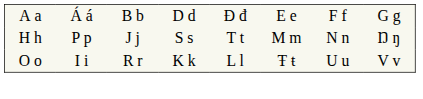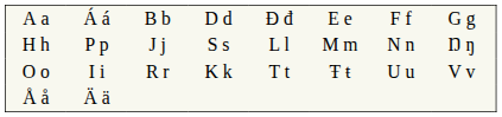 <table style="font-family:Arial Unicode MS; font-size:1.4em; border-color:#000000; border-width:1px; border-style:solid; border-collapse:collapse; background-color:#F8F8EF">
 <tr>
 <td style="width:3em; text-align:center; padding: 3px;">А а</td>
 <td style="width:3em; text-align:center; padding: 3px;">Á á</td>
 <td style="width:3em; text-align:center; padding: 3px;">B b</td>
 <td style="width:3em; text-align:center; padding: 3px;">D d</td>
 <td style="width:3em; text-align:center; padding: 3px;">Đ đ</td>
 <td style="width:3em; text-align:center; padding: 3px;">E e</td>
 <td style="width:3em; text-align:center; padding: 3px;">F f</td>
 <td style="width:3em; text-align:center; padding: 3px;">G g</td>
 </tr>
 <tr>
 <td style="width:3em; text-align:center; padding: 3px;">H h</td>
 <td style="width:3em; text-align:center; padding: 3px;">P p</td>
 <td style="width:3em; text-align:center; padding: 3px;">J j</td>
 <td style="width:3em; text-align:center; padding: 3px;">S s</td>
-<td style="width:3em; text-align:center; padding: 3px;">T t</td>
+<td style="width:3em; text-align:center; padding: 3px;">L l</td>
 <td style="width:3em; text-align:center; padding: 3px;">M m</td>
 <td style="width:3em; text-align:center; padding: 3px;">N n</td>
 <td style="width:3em; text-align:center; padding: 3px;">Ŋ ŋ</td>
 </tr>
 <tr>
 <td style="width:3em; text-align:center; padding: 3px;">O o</td>
 <td style="width:3em; text-align:center; padding: 3px;">I i</td>
 <td style="width:3em; text-align:center; padding: 3px;">R r</td>
 <td style="width:3em; text-align:center; padding: 3px;">K k</td>
-<td style="width:3em; text-align:center; padding: 3px;">L l</td>
+<td style="width:3em; text-align:center; padding: 3px;">T t</td>
 <td style="width:3em; text-align:center; padding: 3px;">Ŧ ŧ</td>
 <td style="width:3em; text-align:center; padding: 3px;">U u</td>
 <td style="width:3em; text-align:center; padding: 3px;">V v</td>
 </tr>
+<tr>
+<td style="width:3em; text-align:center; padding: 3px;">Å å</td>
+<td style="width:3em; text-align:center; padding: 3px;">Ä ä</td>
+<td></td>
+<td></td>
+<td></td>
+<td></td>
+<td></td>
+<td></td>
+<td></td>
+<td></td>
+</tr>
 </table>
